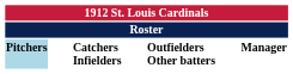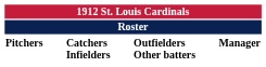 <table class="toccolours" style="font-size: 95%;">
 <tr>
 <th colspan="10" style="background-color: #c41c3a; color: white; text-align: center;">1912 St. Louis Cardinals</th>
 </tr>
 <tr>
 <td colspan="10" style="background-color: #0a2252; color: white; text-align: center;"><strong>Roster</strong></td>
 </tr>
 <tr>
-<td valign="top" style="background: lightblue;"><strong>Pitchers</strong><br>               </td>
+<td valign="top"><strong>Pitchers</strong><br>               </td>
 <td width="25px"></td>
 <td valign="top"><strong>Catchers</strong><br>      <strong>Infielders</strong>          </td>
 <td width="25px"></td>
 <td valign="top"><strong>Outfielders</strong><br>        <strong>Other batters</strong> </td>
 <td width="25px"></td>
 <td valign="top"><strong>Manager</strong><br></td>
 </tr>
 </table>
